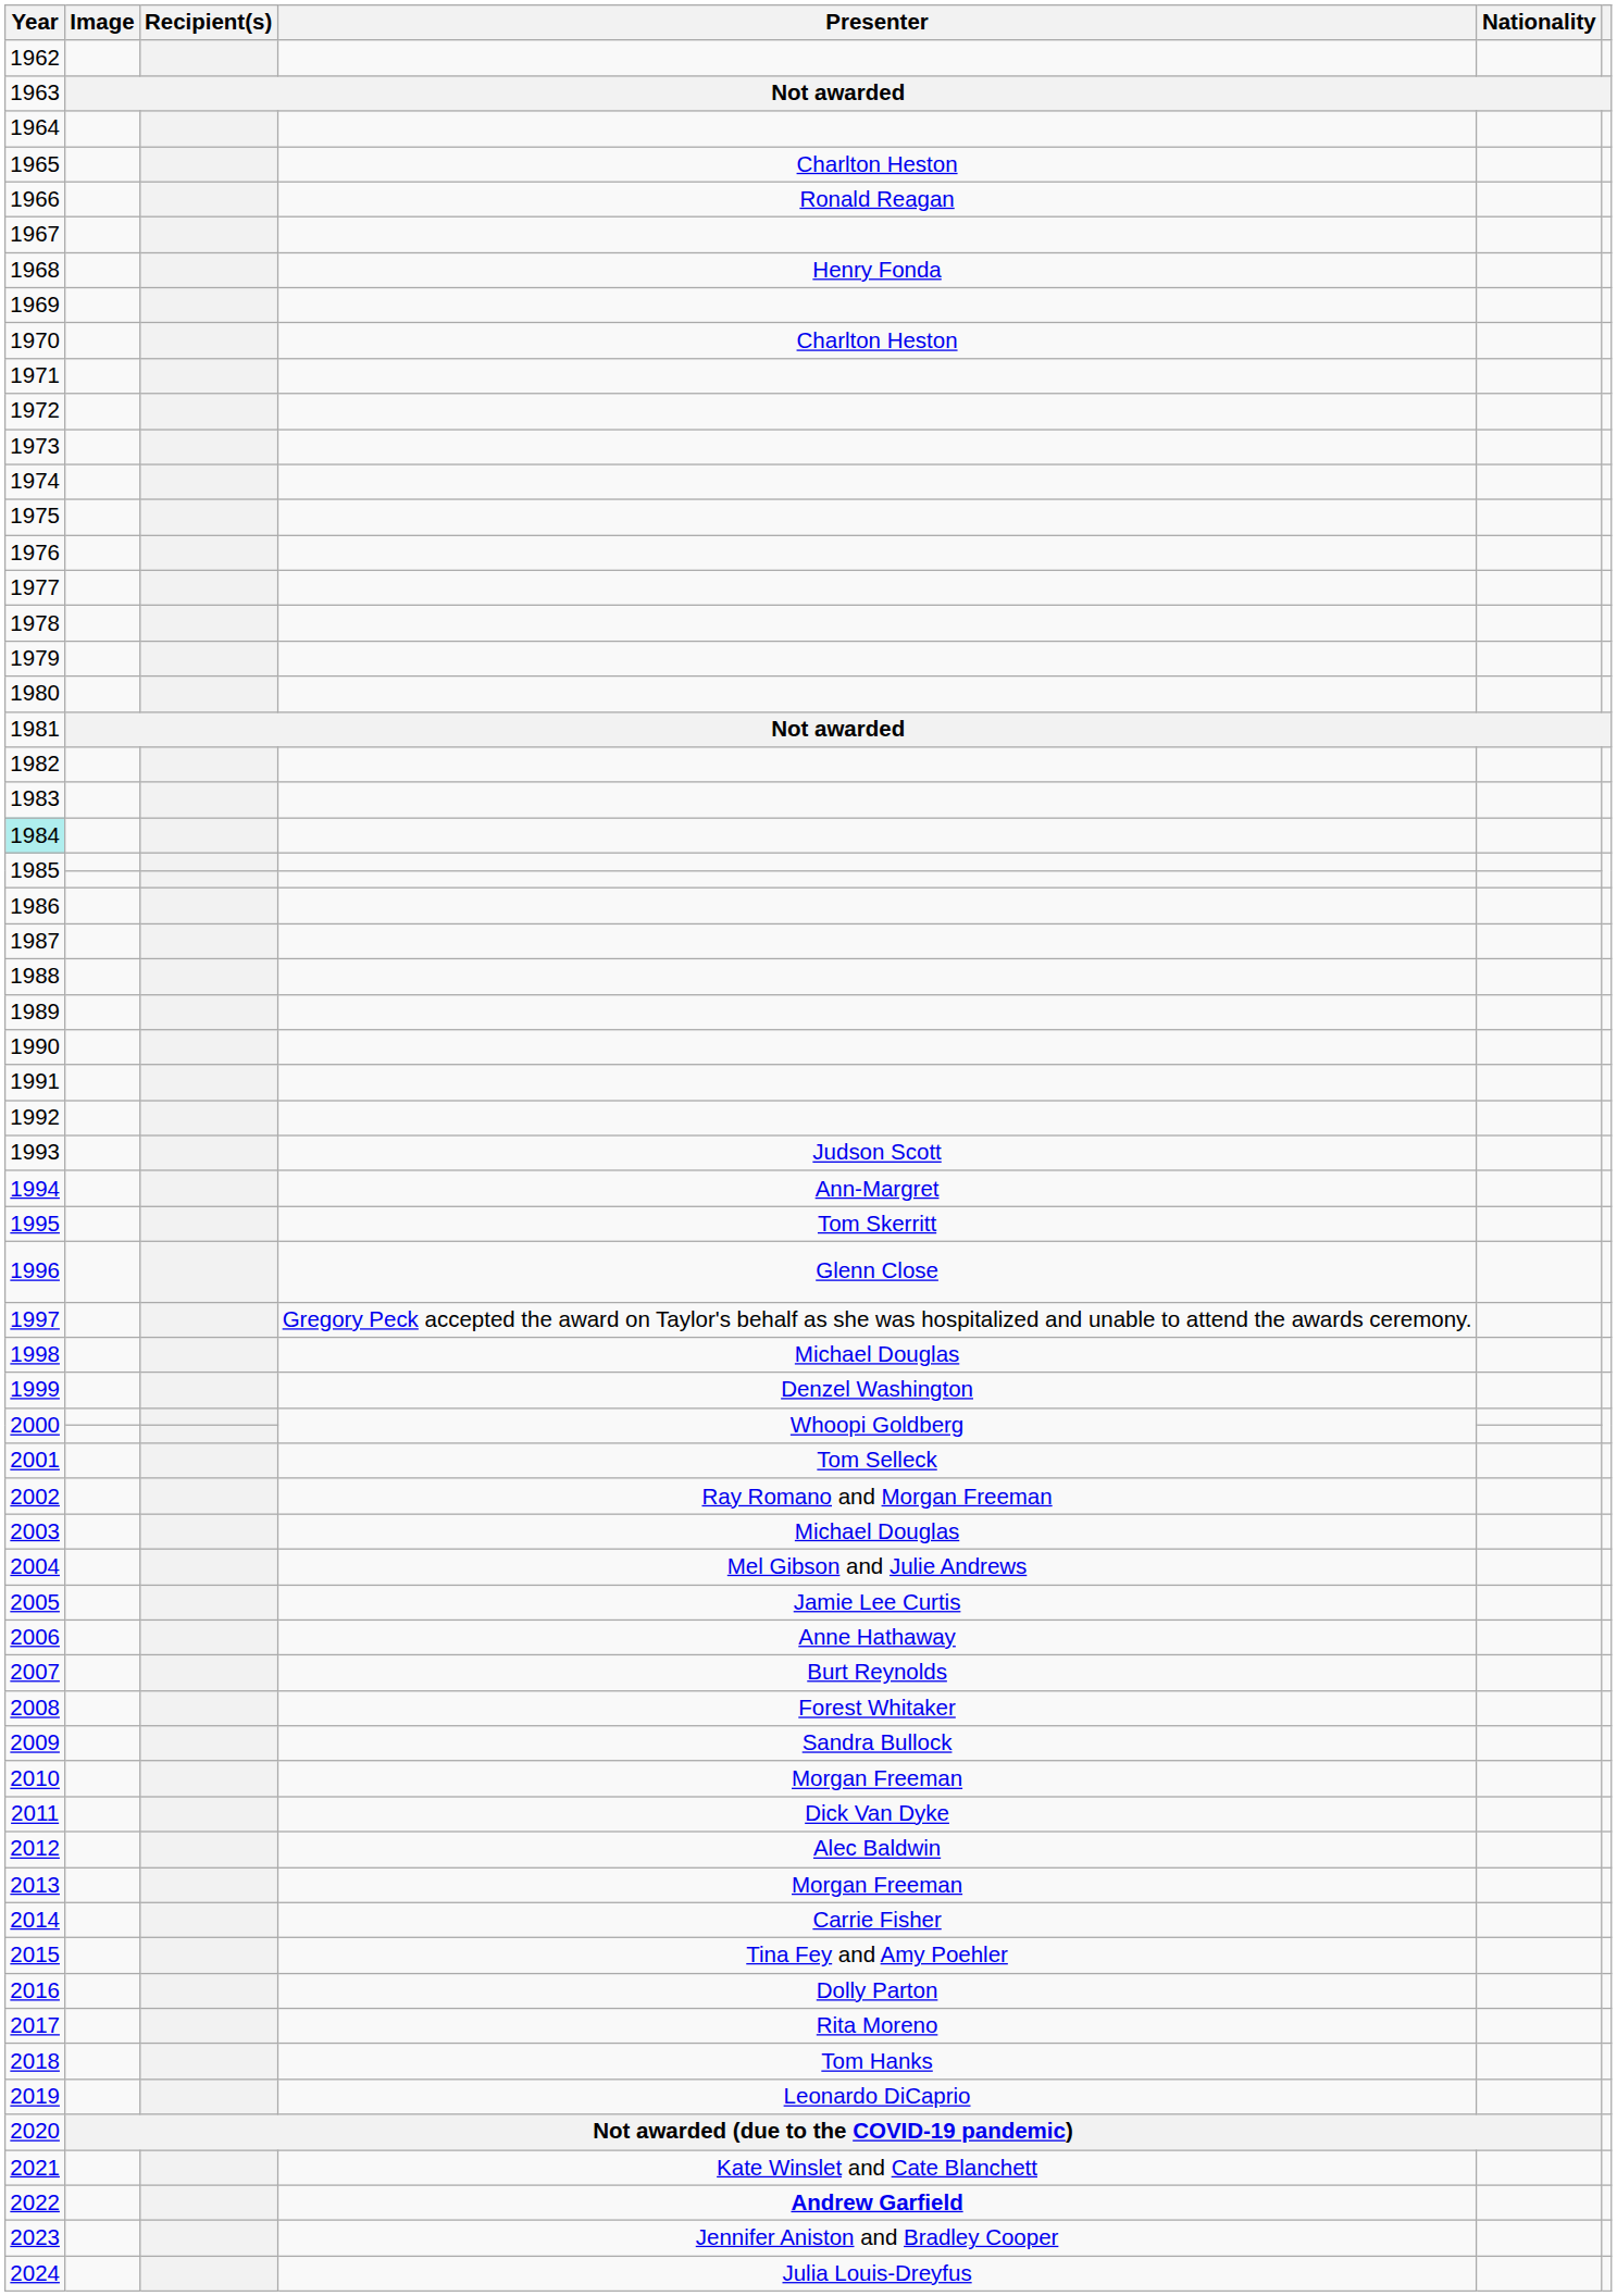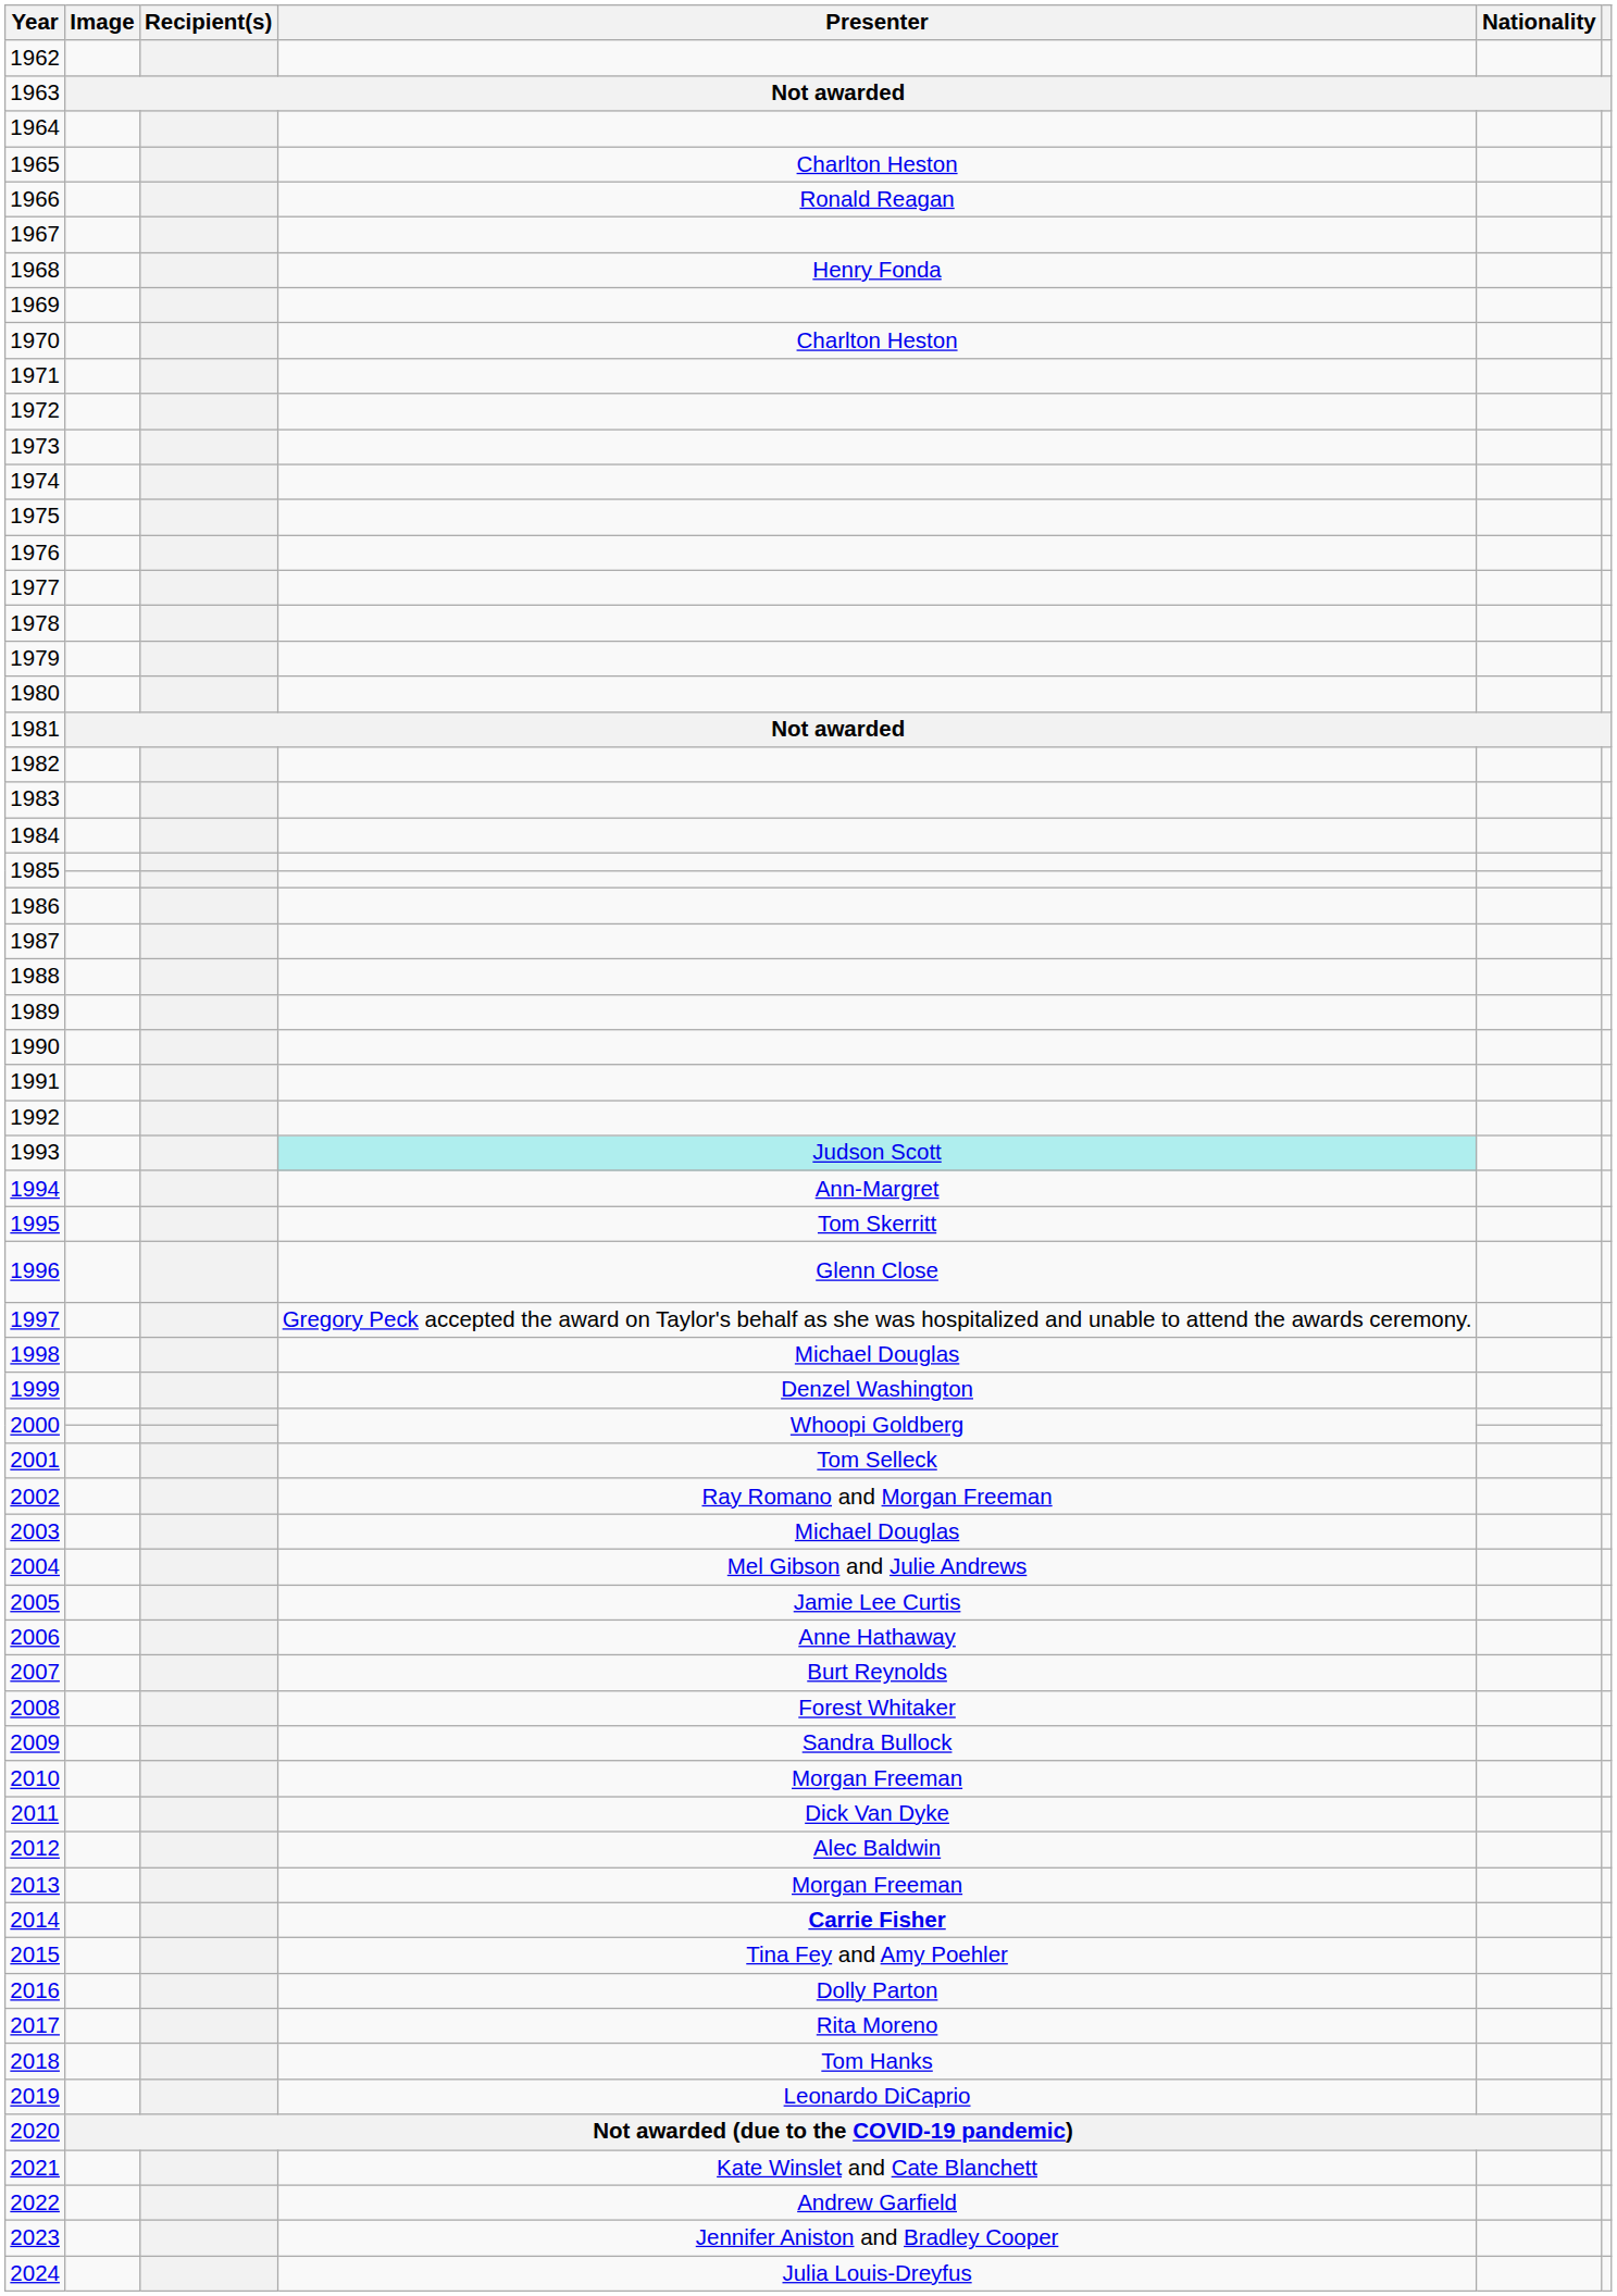 <table class="wikitable sortable plainrowheaders" style="text-align:center;">
 <tr>
 <th scope="col">Year</th>
 <th scope="col" class="unsortable">Image</th>
 <th scope="col">Recipient(s)</th>
 <th scope="col">Presenter</th>
 <th scope="col">Nationality</th>
 <th scope="col" class="unsortable"></th>
 </tr>
 <tr>
 <td>1962</td>
 <td></td>
 <th scope="row"></th>
 <td></td>
 <td></td>
 <td></td>
 </tr>
 <tr>
 <td>1963</td>
 <th scope="row" colspan="5" style="text-align:center;">Not awarded</th>
 </tr>
 <tr>
 <td>1964</td>
 <td></td>
 <th scope="row"></th>
 <td></td>
 <td></td>
 <td></td>
 </tr>
 <tr>
 <td>1965</td>
 <td></td>
 <th scope="row"></th>
 <td><a href='#'>Charlton Heston</a></td>
 <td></td>
 <td></td>
 </tr>
 <tr>
 <td>1966</td>
 <td></td>
 <th scope="row"></th>
 <td><a href='#'>Ronald Reagan</a></td>
 <td></td>
 <td></td>
 </tr>
 <tr>
 <td>1967</td>
 <td></td>
 <th scope="row"></th>
 <td></td>
 <td></td>
 <td></td>
 </tr>
 <tr>
 <td>1968</td>
 <td></td>
 <th scope="row"></th>
 <td><a href='#'>Henry Fonda</a></td>
 <td></td>
 <td></td>
 </tr>
 <tr>
 <td>1969</td>
 <td></td>
 <th scope="row"></th>
 <td></td>
 <td></td>
 <td></td>
 </tr>
 <tr>
 <td>1970</td>
 <td></td>
 <th scope="row"></th>
 <td><a href='#'>Charlton Heston</a></td>
 <td></td>
 <td></td>
 </tr>
 <tr>
 <td>1971</td>
 <td></td>
 <th scope="row"></th>
 <td></td>
 <td></td>
 <td></td>
 </tr>
 <tr>
 <td>1972</td>
 <td></td>
 <th scope="row"></th>
 <td></td>
 <td></td>
 <td></td>
 </tr>
 <tr>
 <td>1973</td>
 <td></td>
 <th scope="row"></th>
 <td></td>
 <td></td>
 <td></td>
 </tr>
 <tr>
 <td>1974</td>
 <td></td>
 <th scope="row"></th>
 <td></td>
 <td></td>
 <td></td>
 </tr>
 <tr>
 <td>1975</td>
 <td></td>
 <th scope="row"></th>
 <td></td>
 <td></td>
 <td></td>
 </tr>
 <tr>
 <td>1976</td>
 <td></td>
 <th scope="row"></th>
 <td></td>
 <td></td>
 <td></td>
 </tr>
 <tr>
 <td>1977</td>
 <td></td>
 <th scope="row"></th>
 <td></td>
 <td></td>
 <td></td>
 </tr>
 <tr>
 <td>1978</td>
 <td></td>
 <th scope="row"></th>
 <td></td>
 <td></td>
 <td></td>
 </tr>
 <tr>
 <td>1979</td>
 <td></td>
 <th scope="row"></th>
 <td></td>
 <td></td>
 <td></td>
 </tr>
 <tr>
 <td>1980</td>
 <td></td>
 <th scope="row"></th>
 <td></td>
 <td></td>
 <td></td>
 </tr>
 <tr>
 <td>1981</td>
 <th scope="row" colspan="5" style="text-align:center;">Not awarded</th>
 </tr>
 <tr>
 <td>1982</td>
 <td></td>
 <th scope="row"></th>
 <td></td>
 <td></td>
 <td></td>
 </tr>
 <tr>
 <td>1983</td>
 <td></td>
 <th scope="row"></th>
 <td></td>
 <td></td>
 <td></td>
 </tr>
 <tr>
-<td style="background: paleturquoise;">1984</td>
+<td>1984</td>
 <td></td>
 <th scope="row"></th>
 <td></td>
 <td></td>
 <td></td>
 </tr>
 <tr>
 <td rowspan="2">1985</td>
 <td></td>
 <th scope="row"></th>
 <td></td>
 <td></td>
 <td rowspan="2"></td>
 </tr>
 <tr>
 <td></td>
 <th scope="row"></th>
 <td></td>
 <td></td>
 </tr>
 <tr>
 <td>1986</td>
 <td></td>
 <th scope="row"></th>
 <td></td>
 <td></td>
 <td></td>
 </tr>
 <tr>
 <td>1987</td>
 <td></td>
 <th scope="row"></th>
 <td></td>
 <td></td>
 <td></td>
 </tr>
 <tr>
 <td>1988</td>
 <td></td>
 <th scope="row"></th>
 <td></td>
 <td></td>
 <td></td>
 </tr>
 <tr>
 <td>1989</td>
 <td></td>
 <th scope="row"></th>
 <td></td>
 <td></td>
 <td></td>
 </tr>
 <tr>
 <td>1990</td>
 <td></td>
 <th scope="row"></th>
 <td></td>
 <td></td>
 <td></td>
 </tr>
 <tr>
 <td>1991</td>
 <td></td>
 <th scope="row"></th>
 <td></td>
 <td></td>
 <td></td>
 </tr>
 <tr>
 <td>1992</td>
 <td></td>
 <th scope="row"></th>
 <td></td>
 <td></td>
 <td></td>
 </tr>
 <tr>
 <td>1993</td>
 <td></td>
 <th scope="row"></th>
-<td><a href='#'>Judson Scott</a></td>
+<td style="background: paleturquoise;"><a href='#'>Judson Scott</a></td>
 <td></td>
 <td></td>
 </tr>
 <tr>
 <td><a href='#'>1994</a></td>
 <td></td>
 <th scope="row"></th>
 <td><a href='#'>Ann-Margret</a></td>
 <td></td>
 <td></td>
 </tr>
 <tr>
 <td><a href='#'>1995</a></td>
 <td></td>
 <th scope="row"></th>
 <td><a href='#'>Tom Skerritt</a></td>
 <td></td>
 <td></td>
 </tr>
 <tr>
 <td><a href='#'>1996</a></td>
 <td></td>
 <th scope="row"></th>
 <td><a href='#'>Glenn Close</a></td>
 <td><br><br></td>
 <td></td>
 </tr>
 <tr>
 <td><a href='#'>1997</a></td>
 <td></td>
 <th scope="row"></th>
 <td><a href='#'>Gregory Peck</a> accepted the award on Taylor's behalf as she was hospitalized and unable to attend the awards ceremony.</td>
 <td><br></td>
 <td></td>
 </tr>
 <tr>
 <td><a href='#'>1998</a></td>
 <td></td>
 <th scope="row"></th>
 <td><a href='#'>Michael Douglas</a></td>
 <td></td>
 <td></td>
 </tr>
 <tr>
 <td><a href='#'>1999</a></td>
 <td></td>
 <th scope="row"></th>
 <td><a href='#'>Denzel Washington</a></td>
 <td><br></td>
 <td></td>
 </tr>
 <tr>
 <td rowspan="2"><a href='#'>2000</a></td>
 <td></td>
 <th scope="row"></th>
 <td rowspan="2"><a href='#'>Whoopi Goldberg</a></td>
 <td></td>
 <td rowspan="2"></td>
 </tr>
 <tr>
 <td></td>
 <th scope="row"></th>
 <td></td>
 </tr>
 <tr>
 <td><a href='#'>2001</a></td>
 <td></td>
 <th scope="row"></th>
 <td><a href='#'>Tom Selleck</a></td>
 <td></td>
 <td></td>
 </tr>
 <tr>
 <td><a href='#'>2002</a></td>
 <td></td>
 <th scope="row"></th>
 <td><a href='#'>Ray Romano</a> and <a href='#'>Morgan Freeman</a></td>
 <td></td>
 <td></td>
 </tr>
 <tr>
 <td><a href='#'>2003</a></td>
 <td></td>
 <th scope="row"></th>
 <td><a href='#'>Michael Douglas</a></td>
 <td></td>
 <td></td>
 </tr>
 <tr>
 <td><a href='#'>2004</a></td>
 <td></td>
 <th scope="row"></th>
 <td><a href='#'>Mel Gibson</a> and <a href='#'>Julie Andrews</a></td>
 <td></td>
 <td></td>
 </tr>
 <tr>
 <td><a href='#'>2005</a></td>
 <td></td>
 <th scope="row"></th>
 <td><a href='#'>Jamie Lee Curtis</a></td>
 <td></td>
 <td></td>
 </tr>
 <tr>
 <td><a href='#'>2006</a></td>
 <td></td>
 <th scope="row"></th>
 <td><a href='#'>Anne Hathaway</a></td>
 <td></td>
 <td></td>
 </tr>
 <tr>
 <td><a href='#'>2007</a></td>
 <td></td>
 <th scope="row"></th>
 <td><a href='#'>Burt Reynolds</a></td>
 <td></td>
 <td></td>
 </tr>
 <tr>
 <td><a href='#'>2008</a></td>
 <td></td>
 <th scope="row"></th>
 <td><a href='#'>Forest Whitaker</a></td>
 <td></td>
 <td></td>
 </tr>
 <tr>
 <td><a href='#'>2009</a></td>
 <td></td>
 <th scope="row"></th>
 <td><a href='#'>Sandra Bullock</a></td>
 <td></td>
 <td></td>
 </tr>
 <tr>
 <td><a href='#'>2010</a></td>
 <td></td>
 <th scope="row"></th>
 <td><a href='#'>Morgan Freeman</a></td>
 <td></td>
 <td></td>
 </tr>
 <tr>
 <td><a href='#'>2011</a></td>
 <td></td>
 <th scope="row"></th>
 <td><a href='#'>Dick Van Dyke</a></td>
 <td></td>
 <td></td>
 </tr>
 <tr>
 <td><a href='#'>2012</a></td>
 <td></td>
 <th scope="row"></th>
 <td><a href='#'>Alec Baldwin</a></td>
 <td></td>
 <td></td>
 </tr>
 <tr>
 <td><a href='#'>2013</a></td>
 <td></td>
 <th scope="row"></th>
 <td><a href='#'>Morgan Freeman</a></td>
 <td></td>
 <td></td>
 </tr>
 <tr>
 <td><a href='#'>2014</a></td>
 <td></td>
 <th scope="row"></th>
-<td><a href='#'>Carrie Fisher</a></td>
+<td><strong><a href='#'>Carrie Fisher</a></strong></td>
 <td></td>
 <td></td>
 </tr>
 <tr>
 <td><a href='#'>2015</a></td>
 <td></td>
 <th scope="row"></th>
 <td><a href='#'>Tina Fey</a> and <a href='#'>Amy Poehler</a></td>
 <td></td>
 <td></td>
 </tr>
 <tr>
 <td><a href='#'>2016</a></td>
 <td></td>
 <th scope="row"></th>
 <td><a href='#'>Dolly Parton</a></td>
 <td></td>
 <td></td>
 </tr>
 <tr>
 <td><a href='#'>2017</a></td>
 <td></td>
 <th scope="row"></th>
 <td><a href='#'>Rita Moreno</a></td>
 <td></td>
 <td></td>
 </tr>
 <tr>
 <td><a href='#'>2018</a></td>
 <td></td>
 <th scope="row"></th>
 <td><a href='#'>Tom Hanks</a></td>
 <td></td>
 <td></td>
 </tr>
 <tr>
 <td><a href='#'>2019</a></td>
 <td></td>
 <th scope="row"></th>
 <td><a href='#'>Leonardo DiCaprio</a></td>
 <td></td>
 <td></td>
 </tr>
 <tr>
 <td><a href='#'>2020</a></td>
 <th scope="row" colspan="4" style="text-align:center;">Not awarded (due to the <a href='#'>COVID-19 pandemic</a>)</th>
 <td></td>
 </tr>
 <tr>
 <td><a href='#'>2021</a></td>
 <td></td>
 <th scope="row"></th>
 <td><a href='#'>Kate Winslet</a> and <a href='#'>Cate Blanchett</a></td>
 <td></td>
 <td></td>
 </tr>
 <tr>
 <td><a href='#'>2022</a></td>
 <td></td>
 <th scope="row"></th>
-<td><strong><a href='#'>Andrew Garfield</a></strong></td>
+<td><a href='#'>Andrew Garfield</a></td>
 <td></td>
 <td></td>
 </tr>
 <tr>
 <td><a href='#'>2023</a></td>
 <td></td>
 <th scope="row"></th>
 <td><a href='#'>Jennifer Aniston</a> and <a href='#'>Bradley Cooper</a></td>
 <td></td>
 <td></td>
 </tr>
 <tr>
 <td><a href='#'>2024</a></td>
 <td></td>
 <th scope="row"></th>
 <td><a href='#'>Julia Louis-Dreyfus</a></td>
 <td></td>
 <td></td>
 </tr>
 </table>
